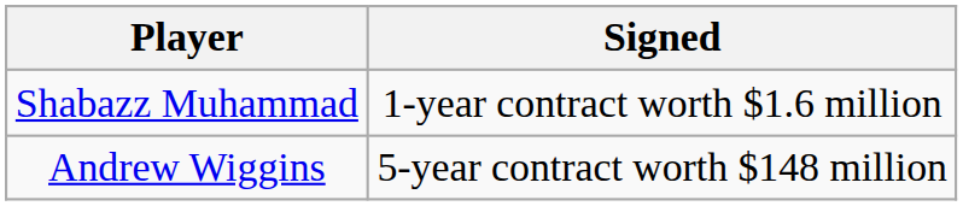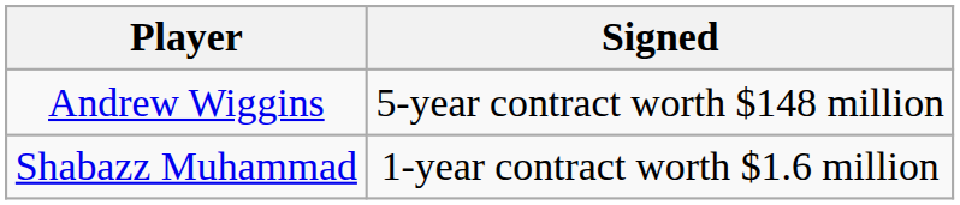 <table class="wikitable sortable sortable">
 <tr>
 <th>Player</th>
 <th>Signed</th>
 </tr>
 <tr style="text-align: center">
+<td><a href='#'>Andrew Wiggins</a></td>
+<td>5-year contract worth $148 million</td>
+</tr>
+<tr style="text-align: center">
 <td><a href='#'>Shabazz Muhammad</a></td>
 <td>1-year contract worth $1.6 million</td>
 </tr>
-<tr style="text-align: center">
-<td><a href='#'>Andrew Wiggins</a></td>
-<td>5-year contract worth $148 million</td>
-</tr>
 </table>
